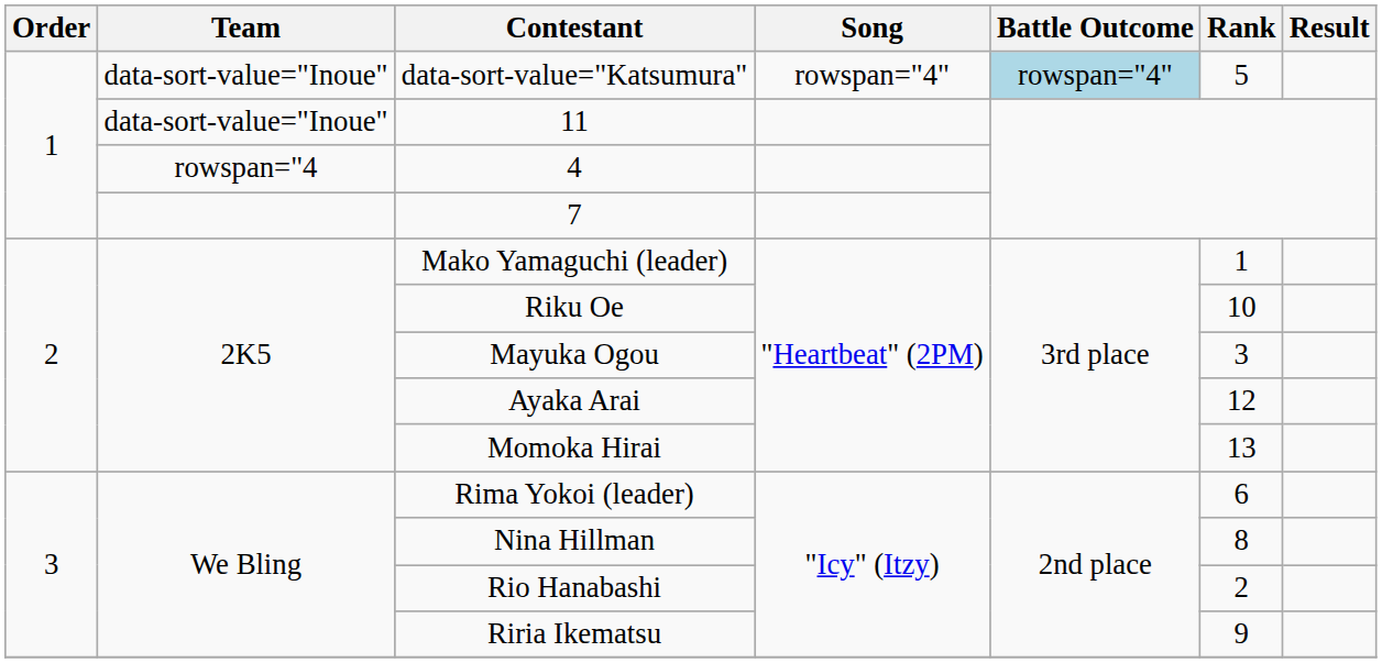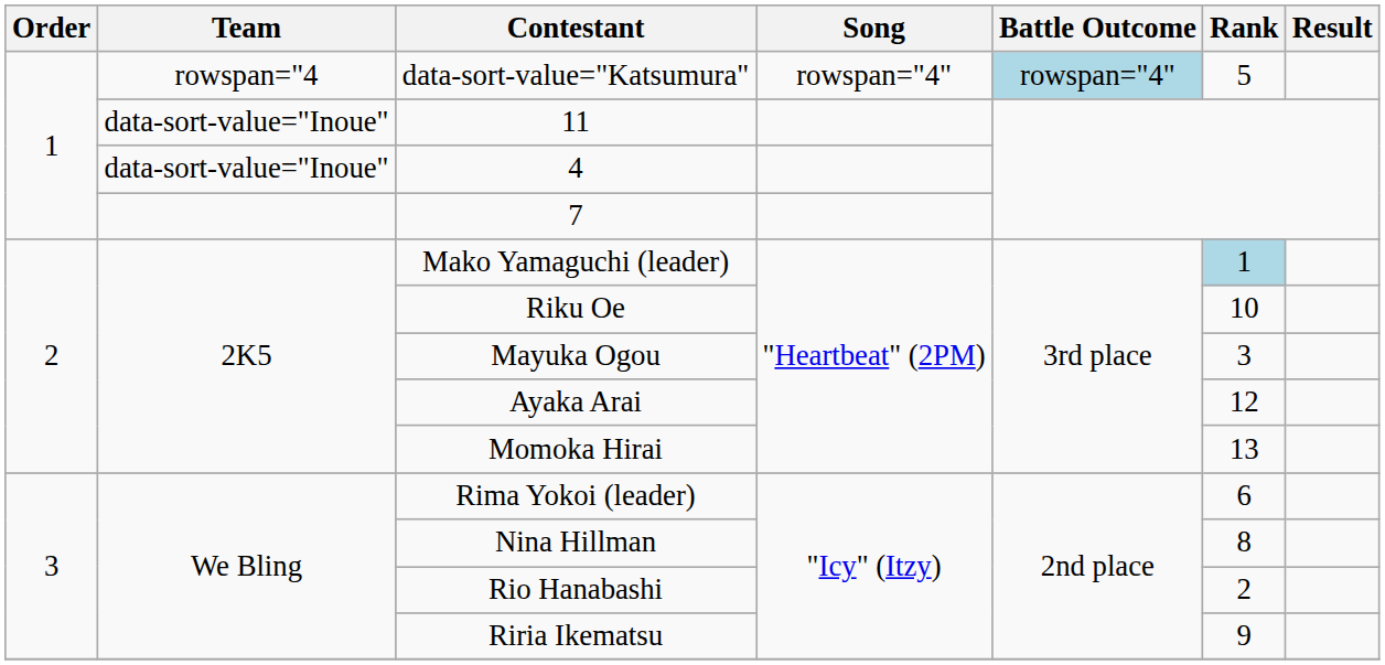 <table class="wikitable sortable" style="text-align:center;">
 <tr>
 <th>Order</th>
 <th>Team</th>
 <th>Contestant</th>
 <th>Song</th>
 <th>Battle Outcome<br></th>
 <th>Rank</th>
 <th>Result<br></th>
 </tr>
 <tr>
 <td rowspan="4">1</td>
-<td>data-sort-value="Inoue" </td>
+<td>rowspan="4 </td>
 <td>data-sort-value="Katsumura" </td>
 <td>rowspan="4" </td>
 <td style="background: lightblue;">rowspan="4" </td>
 <td>5</td>
 <td></td>
 </tr>
 <tr>
 <td>data-sort-value="Inoue" </td>
 <td>11</td>
 <td></td>
 </tr>
 <tr>
-<td>rowspan="4 </td>
+<td>data-sort-value="Inoue" </td>
 <td>4</td>
 <td></td>
 </tr>
 <tr>
 <td></td>
 <td>7</td>
 <td></td>
 </tr>
 <tr>
 <td rowspan="5">2</td>
 <td rowspan="5">2K5</td>
 <td data-sort-value="Yamaguchi">Mako Yamaguchi (leader)</td>
 <td rowspan="5">"<a href='#'>Heartbeat</a>" (<a href='#'>2PM</a>)</td>
 <td rowspan="5">3rd place</td>
-<td>1</td>
+<td style="background: lightblue;">1</td>
 <td></td>
 </tr>
 <tr>
 <td data-sort-value="Oe">Riku Oe</td>
 <td>10</td>
 <td></td>
 </tr>
 <tr>
 <td data-sort-value="Ogou">Mayuka Ogou</td>
 <td>3</td>
 <td></td>
 </tr>
 <tr>
 <td data-sort-value="Arai">Ayaka Arai</td>
 <td>12</td>
 <td></td>
 </tr>
 <tr>
 <td data-sort-value="Hirai">Momoka Hirai</td>
 <td>13</td>
 <td></td>
 </tr>
 <tr>
 <td rowspan="4">3</td>
 <td rowspan="4">We Bling</td>
 <td data-sort-value="Yokoi">Rima Yokoi (leader)</td>
 <td rowspan="4">"<a href='#'>Icy</a>" (<a href='#'>Itzy</a>)</td>
 <td rowspan="4">2nd place</td>
 <td>6</td>
 <td></td>
 </tr>
 <tr>
 <td data-sort-value="Hillman">Nina Hillman</td>
 <td>8</td>
 <td></td>
 </tr>
 <tr>
 <td data-sort-value="Hanabashi">Rio Hanabashi</td>
 <td>2</td>
 <td></td>
 </tr>
 <tr>
 <td data-sort-value="Ikematsu">Riria Ikematsu</td>
 <td>9</td>
 <td></td>
 </tr>
 <tr>
 </tr>
 </table>
